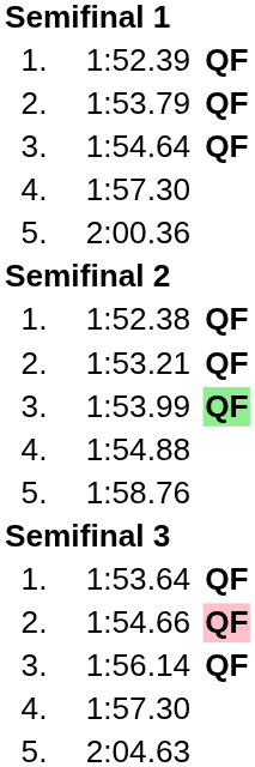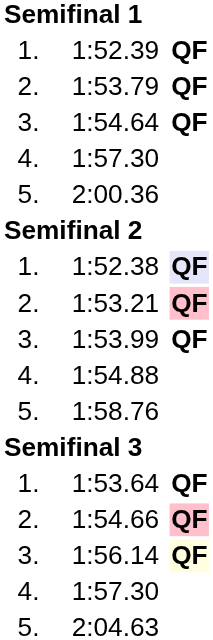 <table style="text-align:center">
 <tr>
 <td colspan=4 align=left><strong>Semifinal 1</strong></td>
 </tr>
 <tr>
 <td width=30>1.</td>
 <td align=left></td>
 <td width=60>1:52.39</td>
 <td><strong>QF</strong></td>
 </tr>
 <tr>
 <td>2.</td>
 <td align=left></td>
 <td>1:53.79</td>
 <td><strong>QF</strong></td>
 </tr>
 <tr>
 <td>3.</td>
 <td align=left></td>
 <td>1:54.64</td>
 <td><strong>QF</strong></td>
 </tr>
 <tr>
 <td>4.</td>
 <td align=left></td>
 <td>1:57.30</td>
 <td></td>
 </tr>
 <tr>
 <td>5.</td>
 <td align=left></td>
 <td>2:00.36</td>
 <td></td>
 </tr>
 <tr>
 <td colspan=4 align=left><strong>Semifinal 2</strong></td>
 </tr>
 <tr>
 <td width=30>1.</td>
 <td align=left></td>
 <td width=60>1:52.38</td>
-<td><strong>QF</strong></td>
+<td style="background: lavender;"><strong>QF</strong></td>
 </tr>
 <tr>
 <td>2.</td>
 <td align=left></td>
 <td>1:53.21</td>
-<td><strong>QF</strong></td>
+<td style="background: pink;"><strong>QF</strong></td>
 </tr>
 <tr>
 <td>3.</td>
 <td align=left></td>
 <td>1:53.99</td>
-<td style="background: lightgreen;"><strong>QF</strong></td>
+<td><strong>QF</strong></td>
 </tr>
 <tr>
 <td>4.</td>
 <td align=left></td>
 <td>1:54.88</td>
 <td></td>
 </tr>
 <tr>
 <td>5.</td>
 <td align=left></td>
 <td>1:58.76</td>
 <td></td>
 </tr>
 <tr>
 <td colspan=4 align=left><strong>Semifinal 3</strong></td>
 </tr>
 <tr>
 <td width=30>1.</td>
 <td align=left></td>
 <td width=60>1:53.64</td>
 <td><strong>QF</strong></td>
 </tr>
 <tr>
 <td>2.</td>
 <td align=left></td>
 <td>1:54.66</td>
 <td style="background: pink;"><strong>QF</strong></td>
 </tr>
 <tr>
 <td>3.</td>
 <td align=left></td>
 <td>1:56.14</td>
-<td><strong>QF</strong></td>
+<td style="background: lightyellow;"><strong>QF</strong></td>
 </tr>
 <tr>
 <td>4.</td>
 <td align=left></td>
 <td>1:57.30</td>
 <td></td>
 </tr>
 <tr>
 <td>5.</td>
 <td align=left></td>
 <td>2:04.63</td>
 <td></td>
 </tr>
 </table>
